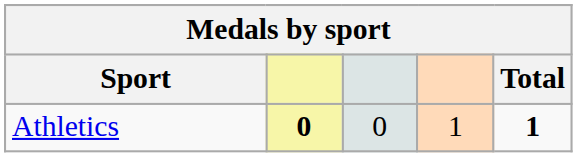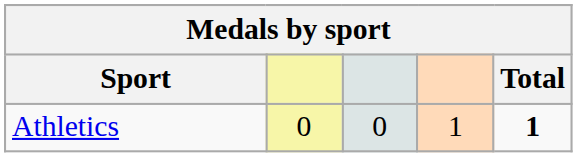 <table class="wikitable" style="font-size:90%; text-align:center;">
 <tr>
 <th colspan="5">Medals by sport</th>
 </tr>
 <tr>
 <th width="120">Sport</th>
 <th scope="col" width="30" style="background:#F7F6A8;"></th>
 <th scope="col" width="30" style="background:#DCE5E5;"></th>
 <th scope="col" width="30" style="background:#FFDAB9;"></th>
 <th width="30">Total</th>
 </tr>
 <tr>
 <td align="left"><a href='#'>Athletics</a></td>
-<td style="background:#F7F6A8;"><strong>0</strong></td>
+<td style="background:#F7F6A8;">0</td>
 <td style="background:#DCE5E5;">0</td>
 <td style="background:#FFDAB9;">1</td>
 <td><strong>1</strong></td>
 </tr>
 </table>
